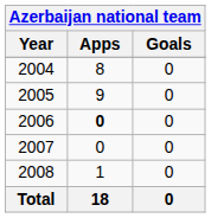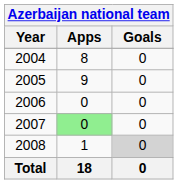 <table class="wikitable" style="text-align:center">
 <tr>
 <th colspan=3><a href='#'>Azerbaijan national team</a></th>
 </tr>
 <tr>
 <th>Year</th>
 <th>Apps</th>
 <th>Goals</th>
 </tr>
 <tr>
 </tr>
 <tr>
 <td>2004</td>
 <td>8</td>
 <td>0</td>
 </tr>
 <tr>
 <td>2005</td>
 <td>9</td>
 <td>0</td>
 </tr>
 <tr>
 <td>2006</td>
-<td><strong>0</strong></td>
+<td>0</td>
 <td>0</td>
 </tr>
 <tr>
 <td>2007</td>
-<td>0</td>
+<td style="background: lightgreen;">0</td>
 <td>0</td>
 </tr>
 <tr>
 <td>2008</td>
 <td>1</td>
-<td>0</td>
+<td style="background: lightgrey;">0</td>
 </tr>
 <tr>
 <th>Total</th>
 <th>18</th>
 <th>0</th>
 </tr>
 </table>
